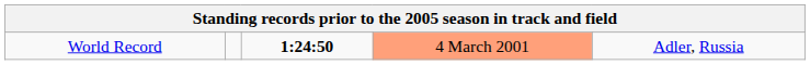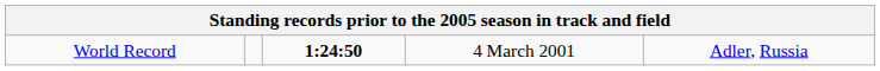 <table class="wikitable" style=" text-align:center; font-size:110%;" width="95%">
 <tr>
 <th colspan="5">Standing records prior to the 2005 season in track and field</th>
 </tr>
 <tr>
 <td><a href='#'>World Record</a></td>
 <td></td>
 <td><strong>1:24:50</strong></td>
-<td style="background: lightsalmon;">4 March 2001</td>
+<td>4 March 2001</td>
 <td> <a href='#'>Adler</a>, <a href='#'>Russia</a></td>
 </tr>
 </table>
